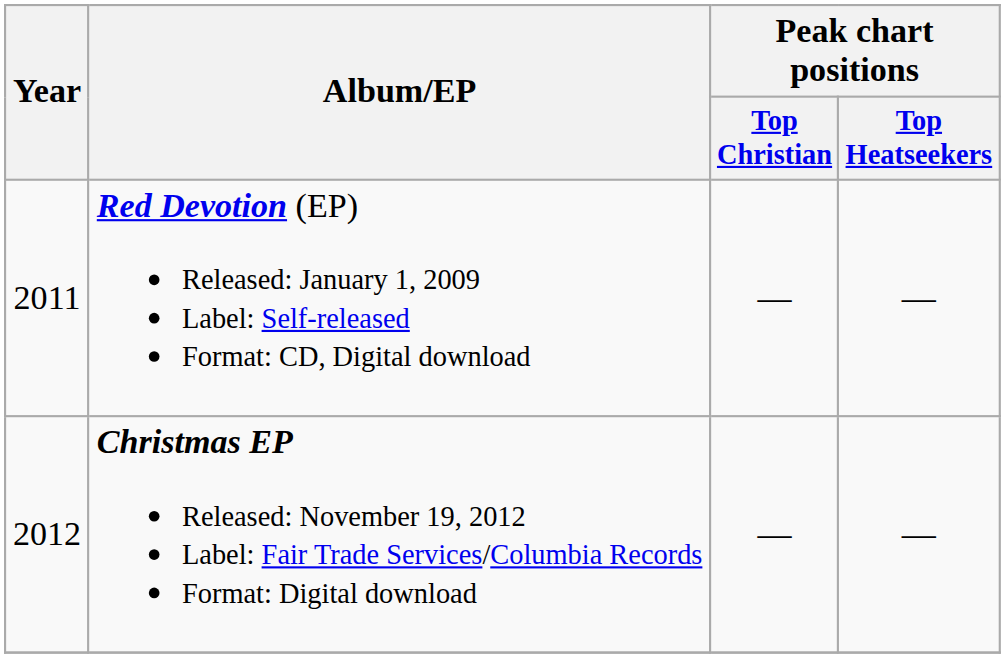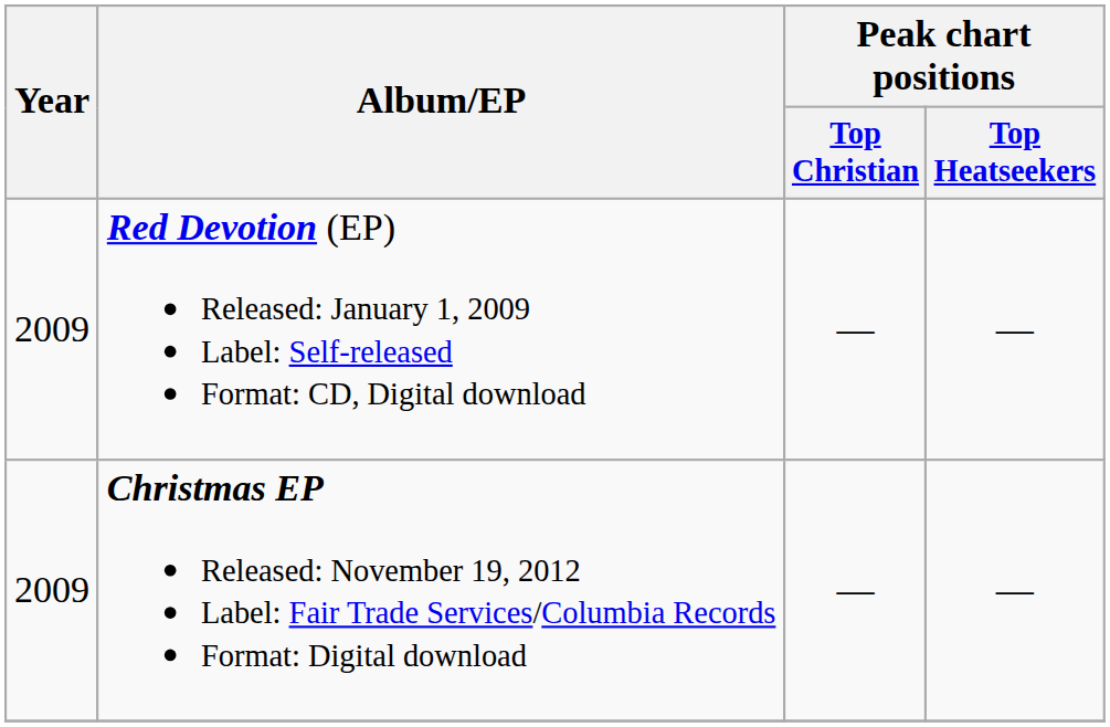 <table class="wikitable" style="text-align:center;">
 <tr>
 <th rowspan="2">Year</th>
 <th rowspan="2">Album/EP</th>
 <th colspan="4">Peak chart positions</th>
 </tr>
 <tr style="font-size:smaller;">
 <th width="40"><a href='#'>Top<br>Christian</a></th>
 <th width="40"><a href='#'>Top<br>Heatseekers</a></th>
 </tr>
 <tr>
-<td>2011</td>
+<td>2009</td>
 <td align="left"><strong><em><a href='#'>Red Devotion</a></em></strong> (EP)<br><ul><li><small>Released: January 1, 2009</small></li><li><small>Label: <a href='#'>Self-released</a></small></li><li><small>Format: CD, Digital download</small></li></ul></td>
 <td>—</td>
 <td>—</td>
 </tr>
 <tr>
-<td>2012</td>
+<td>2009</td>
 <td align="left"><strong><em>Christmas EP</em></strong><br><ul><li><small>Released: November 19, 2012</small></li><li><small>Label: <a href='#'>Fair Trade Services</a>/<a href='#'>Columbia Records</a></small></li><li><small>Format: Digital download</small></li></ul></td>
 <td>—</td>
 <td>—</td>
 </tr>
 <tr>
 </tr>
 </table>
